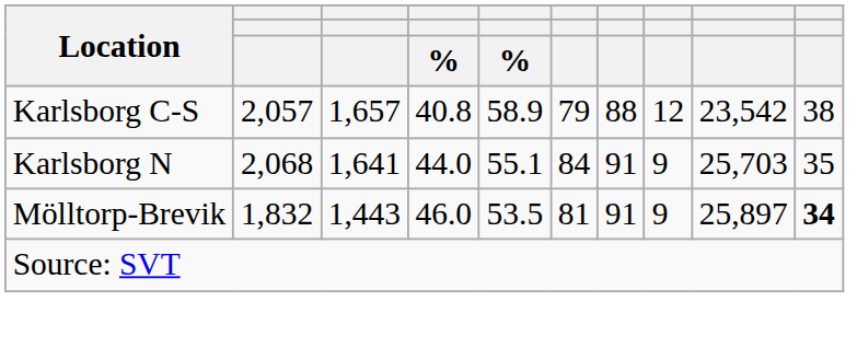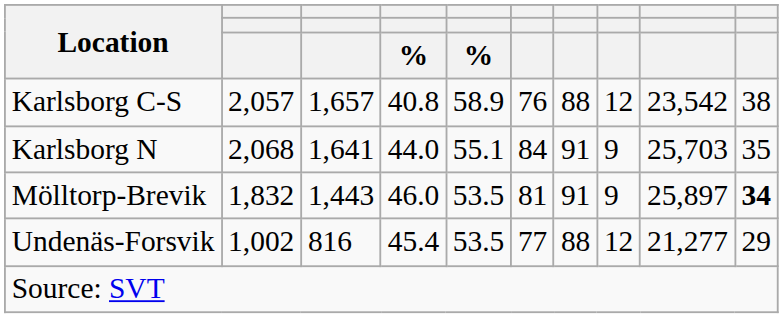 <table role="presentation" class="wikitable sortable mw-collapsible">
 <tr>
 <th rowspan="3">Location</th>
 <th></th>
 <th></th>
 <th></th>
 <th></th>
 <th></th>
 <th></th>
 <th></th>
 <th></th>
 <th></th>
 </tr>
 <tr>
 <th></th>
 <th></th>
 <th style="background:"></th>
 <th style="background:"></th>
 <th></th>
 <th></th>
 <th></th>
 <th></th>
 <th></th>
 </tr>
 <tr>
 <th data-sort-type="number"></th>
 <th data-sort-type="number"></th>
 <th data-sort-type="number">%</th>
 <th data-sort-type="number">%</th>
 <th data-sort-type="number"></th>
 <th data-sort-type="number"></th>
 <th data-sort-type="number"></th>
 <th data-sort-type="number"></th>
 <th data-sort-type="number"></th>
 </tr>
 <tr>
 <td align="left">Karlsborg C-S</td>
 <td>2,057</td>
 <td>1,657</td>
 <td>40.8</td>
 <td>58.9</td>
-<td>79</td>
+<td>76</td>
 <td>88</td>
 <td>12</td>
 <td>23,542</td>
 <td>38</td>
 </tr>
 <tr>
 <td align="left">Karlsborg N</td>
 <td>2,068</td>
 <td>1,641</td>
 <td>44.0</td>
 <td>55.1</td>
 <td>84</td>
 <td>91</td>
 <td>9</td>
 <td>25,703</td>
 <td>35</td>
 </tr>
 <tr>
 <td align="left">Mölltorp-Brevik</td>
 <td>1,832</td>
 <td>1,443</td>
 <td>46.0</td>
 <td>53.5</td>
 <td>81</td>
 <td>91</td>
 <td>9</td>
 <td>25,897</td>
 <td><strong>34</strong></td>
 </tr>
 <tr>
+<td align="left">Undenäs-Forsvik</td>
+<td>1,002</td>
+<td>816</td>
+<td>45.4</td>
+<td>53.5</td>
+<td>77</td>
+<td>88</td>
+<td>12</td>
+<td>21,277</td>
+<td>29</td>
+</tr>
+<tr>
 <td colspan="10" align="left">Source: <a href='#'>SVT</a></td>
 </tr>
 </table>
